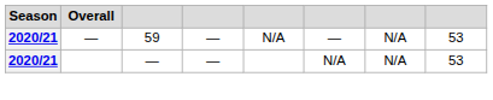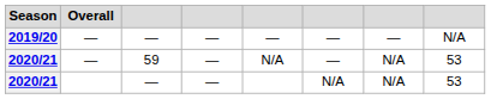 <table class="wikitable plainrowheaders" style="background:#fff; font-size:86%; line-height:16px; border:gray solid 1px; border-collapse:collapse;">
 <tr style="background:#ccc; text-align:center;">
 <th scope="col" style="background:#dcdcdc; width:45px;">Season</th>
 <th scope="col" style="background:#dcdcdc; width:55px;">Overall</th>
 <th scope="col" style="background:#dcdcdc; width:55px;"></th>
 <th scope="col" style="background:#dcdcdc; width:55px;"></th>
 <th scope="col" style="background:#dcdcdc; width:55px;"></th>
 <th scope="col" style="background:#dcdcdc; width:55px;"></th>
 <th scope="col" style="background:#dcdcdc; width:55px;"></th>
 <th scope="col" style="background:#dcdcdc; width:55px;"></th>
+</tr>
+<tr>
+<th scope=row align=center><a href='#'>2019/20</a></th>
+<td align=center>—</td>
+<td align=center>—</td>
+<td align=center>—</td>
+<td align=center>—</td>
+<td align=center>—</td>
+<td align=center>—</td>
+<td align=center>N/A</td>
 </tr>
 <tr>
 <th scope=row align=center><a href='#'>2020/21</a></th>
 <td align=center>—</td>
 <td align=center>59</td>
 <td align=center>—</td>
 <td align=center>N/A</td>
 <td align=center>—</td>
 <td align=center>N/A</td>
 <td align=center>53</td>
 </tr>
 <tr>
 <th scope=row align=center><a href='#'>2020/21</a></th>
 <td align=center></td>
 <td align=center>—</td>
 <td align=center>—</td>
 <td align=center></td>
 <td align=center>N/A</td>
 <td align=center>N/A</td>
 <td align=center>53</td>
 </tr>
 </table>
